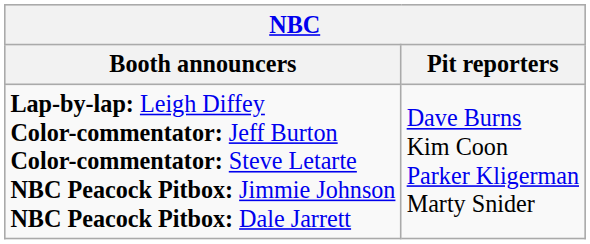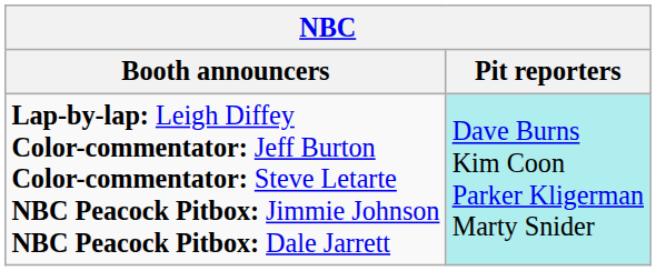 <table class="wikitable" style="font-size: 95%">
 <tr>
 <th colspan="2"><a href='#'>NBC</a></th>
 </tr>
 <tr>
 <th>Booth announcers</th>
 <th>Pit reporters</th>
 </tr>
 <tr>
 <td><strong>Lap-by-lap:</strong> <a href='#'>Leigh Diffey</a><br><strong>Color-commentator:</strong> <a href='#'>Jeff Burton</a><br><strong>Color-commentator:</strong> <a href='#'>Steve Letarte</a><br><strong>NBC Peacock Pitbox:</strong> <a href='#'>Jimmie Johnson</a><br><strong>NBC Peacock Pitbox:</strong> <a href='#'>Dale Jarrett</a></td>
-<td><a href='#'>Dave Burns</a><br>Kim Coon<br><a href='#'>Parker Kligerman</a><br>Marty Snider</td>
+<td style="background: paleturquoise;"><a href='#'>Dave Burns</a><br>Kim Coon<br><a href='#'>Parker Kligerman</a><br>Marty Snider</td>
 </tr>
 </table>
